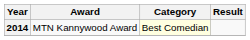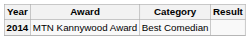 <table class="wikitable sortable">
 <tr>
 <th>Year</th>
 <th>Award</th>
 <th>Category</th>
 <th>Result</th>
 </tr>
 <tr>
 <th>2014</th>
 <td>MTN Kannywood Award</td>
-<td style="background: lightyellow;">Best Comedian</td>
+<td>Best Comedian</td>
 <td></td>
 </tr>
 <tr>
 </tr>
 </table>
